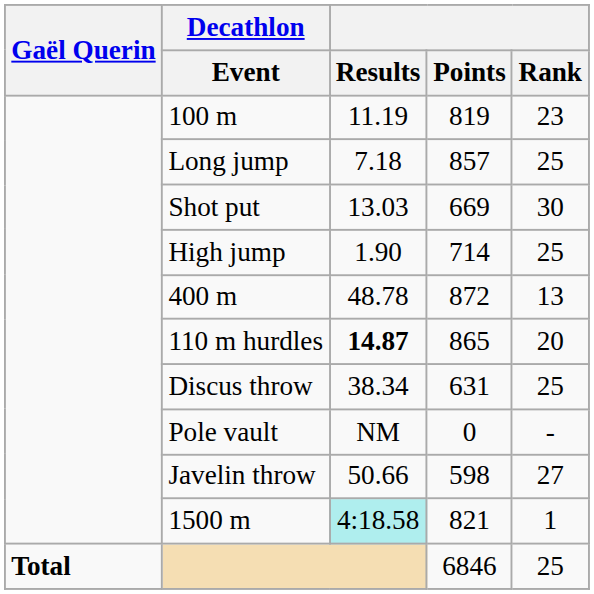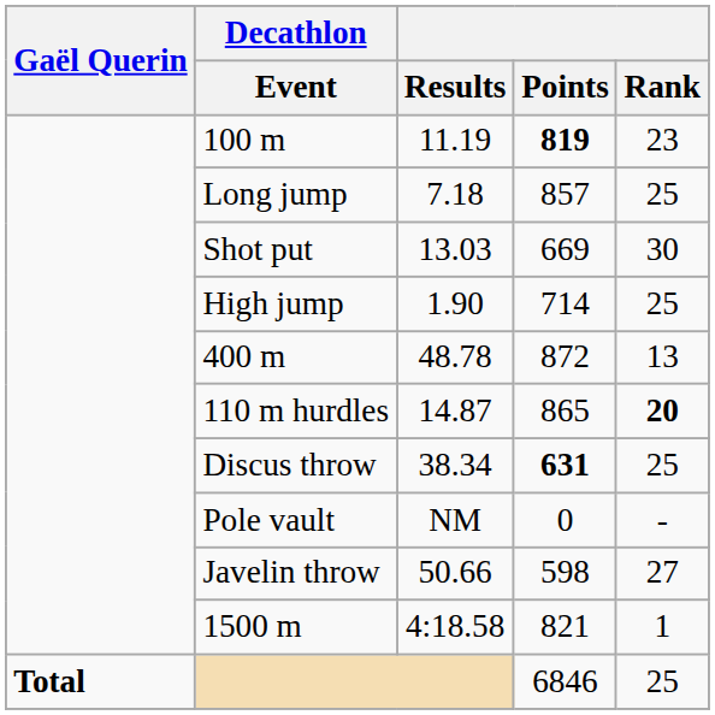 <table class=wikitable style="font-size:90%;">
 <tr>
 <th rowspan="2"><strong><a href='#'>Gaël Querin</a></strong></th>
 <th><a href='#'>Decathlon</a></th>
 <th colspan="3"></th>
 </tr>
 <tr>
 <th>Event</th>
 <th>Results</th>
 <th>Points</th>
 <th>Rank</th>
 </tr>
 <tr style="border-top: single;">
 <td rowspan="10"></td>
 <td>100 m</td>
 <td align=center>11.19</td>
-<td align=center>819</td>
+<td align=center><strong>819</strong></td>
 <td align=center>23</td>
 </tr>
 <tr>
 <td>Long jump</td>
 <td align=center>7.18</td>
 <td align=center>857</td>
 <td align=center>25</td>
 </tr>
 <tr>
 <td>Shot put</td>
 <td align=center>13.03</td>
 <td align=center>669</td>
 <td align=center>30</td>
 </tr>
 <tr>
 <td>High jump</td>
 <td align=center>1.90</td>
 <td align=center>714</td>
 <td align=center>25</td>
 </tr>
 <tr>
 <td>400 m</td>
 <td align=center>48.78</td>
 <td align=center>872</td>
 <td align=center>13</td>
 </tr>
 <tr>
 <td>110 m hurdles</td>
-<td align=center><strong>14.87</strong></td>
+<td align=center>14.87</td>
 <td align=center>865</td>
-<td align=center>20</td>
+<td align=center><strong>20</strong></td>
 </tr>
 <tr>
 <td>Discus throw</td>
 <td align=center>38.34</td>
-<td align=center>631</td>
+<td align=center><strong>631</strong></td>
 <td align=center>25</td>
 </tr>
 <tr>
 <td>Pole vault</td>
 <td align=center>NM</td>
 <td align=center>0</td>
 <td align=center>-</td>
 </tr>
 <tr>
 <td>Javelin throw</td>
 <td align=center>50.66</td>
 <td align=center>598</td>
 <td align=center>27</td>
 </tr>
 <tr>
 <td>1500 m</td>
-<td align=center style="background: paleturquoise;">4:18.58</td>
+<td align=center>4:18.58</td>
 <td align=center>821</td>
 <td align=center>1</td>
 </tr>
 <tr style="border-top: single;">
 <td><strong>Total</strong></td>
 <td colspan="2" style="background:wheat;"></td>
 <td align=center>6846</td>
 <td align=center>25</td>
 </tr>
 </table>
